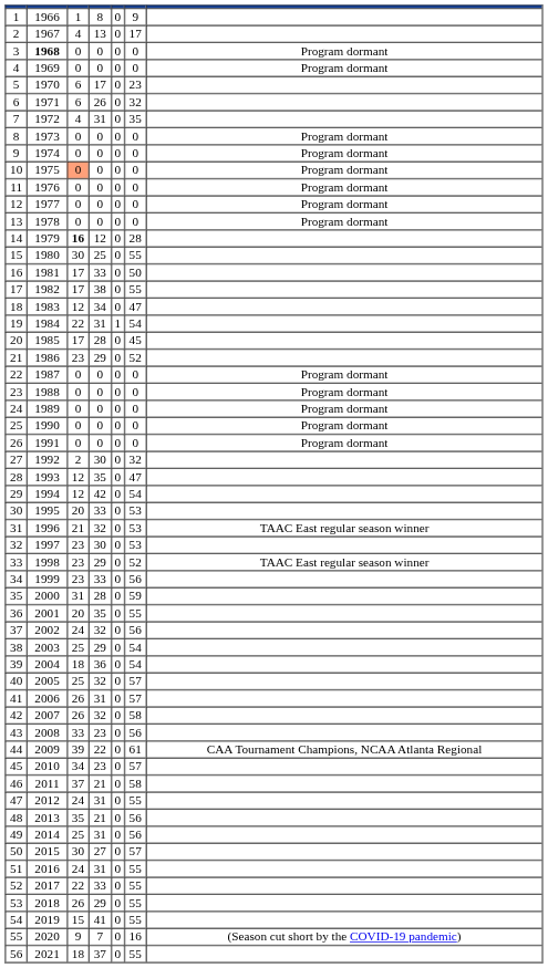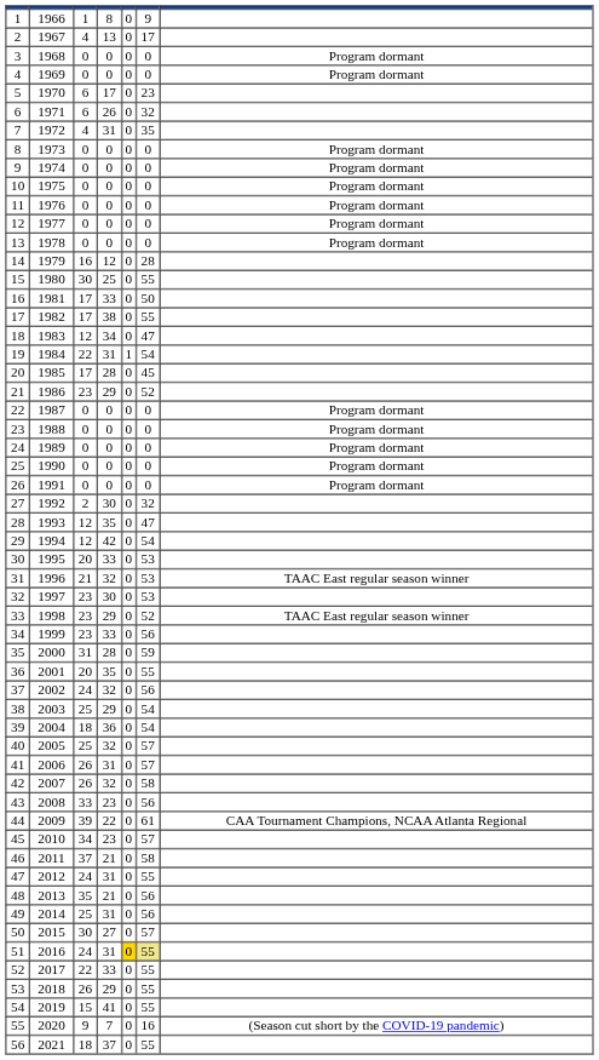 <table cellpadding="1" border="1" cellspacing="0" width="55%">
 <tr>
 <th bgcolor="#0039A6"></th>
 <th bgcolor="#0039A6"></th>
 <th bgcolor="#0039A6"></th>
 <th bgcolor="#0039A6"></th>
 <th bgcolor="#0039A6"></th>
 <th bgcolor="#0039A6"></th>
 <th bgcolor="#0039A6"></th>
 </tr>
 <tr align="center" valign="top">
 <td>1</td>
 <td>1966</td>
 <td>1</td>
 <td>8</td>
 <td>0</td>
 <td>9</td>
 <td></td>
 </tr>
 <tr align="center" valign="top">
 <td>2</td>
 <td>1967</td>
 <td>4</td>
 <td>13</td>
 <td>0</td>
 <td>17</td>
 <td></td>
 </tr>
 <tr align="center" valign="top">
 <td>3</td>
-<td><strong>1968</strong></td>
+<td>1968</td>
 <td>0</td>
 <td>0</td>
 <td>0</td>
 <td>0</td>
 <td>Program dormant</td>
 </tr>
 <tr align="center" valign="top">
 <td>4</td>
 <td>1969</td>
 <td>0</td>
 <td>0</td>
 <td>0</td>
 <td>0</td>
 <td>Program dormant</td>
 </tr>
 <tr align="center" valign="top">
 <td>5</td>
 <td>1970</td>
 <td>6</td>
 <td>17</td>
 <td>0</td>
 <td>23</td>
 <td></td>
 </tr>
 <tr align="center" valign="top">
 <td>6</td>
 <td>1971</td>
 <td>6</td>
 <td>26</td>
 <td>0</td>
 <td>32</td>
 <td></td>
 </tr>
 <tr align="center" valign="top">
 <td>7</td>
 <td>1972</td>
 <td>4</td>
 <td>31</td>
 <td>0</td>
 <td>35</td>
 <td></td>
 </tr>
 <tr align="center" valign="top">
 <td>8</td>
 <td>1973</td>
 <td>0</td>
 <td>0</td>
 <td>0</td>
 <td>0</td>
 <td>Program dormant</td>
 </tr>
 <tr align="center" valign="top">
 <td>9</td>
 <td>1974</td>
 <td>0</td>
 <td>0</td>
 <td>0</td>
 <td>0</td>
 <td>Program dormant</td>
 </tr>
 <tr align="center" valign="top">
 <td>10</td>
 <td>1975</td>
-<td style="background: lightsalmon;">0</td>
+<td>0</td>
 <td>0</td>
 <td>0</td>
 <td>0</td>
 <td>Program dormant</td>
 </tr>
 <tr align="center" valign="top">
 <td>11</td>
 <td>1976</td>
 <td>0</td>
 <td>0</td>
 <td>0</td>
 <td>0</td>
 <td>Program dormant</td>
 </tr>
 <tr align="center" valign="top">
 <td>12</td>
 <td>1977</td>
 <td>0</td>
 <td>0</td>
 <td>0</td>
 <td>0</td>
 <td>Program dormant</td>
 </tr>
 <tr align="center" valign="top">
 <td>13</td>
 <td>1978</td>
 <td>0</td>
 <td>0</td>
 <td>0</td>
 <td>0</td>
 <td>Program dormant</td>
 </tr>
 <tr align="center" valign="top">
 <td>14</td>
 <td>1979</td>
-<td><strong>16</strong></td>
+<td>16</td>
 <td>12</td>
 <td>0</td>
 <td>28</td>
 <td></td>
 </tr>
 <tr align="center" valign="top">
 <td>15</td>
 <td>1980</td>
 <td>30</td>
 <td>25</td>
 <td>0</td>
 <td>55</td>
 <td></td>
 </tr>
 <tr align="center" valign="top">
 <td>16</td>
 <td>1981</td>
 <td>17</td>
 <td>33</td>
 <td>0</td>
 <td>50</td>
 <td></td>
 </tr>
 <tr align="center" valign="top">
 <td>17</td>
 <td>1982</td>
 <td>17</td>
 <td>38</td>
 <td>0</td>
 <td>55</td>
 <td></td>
 </tr>
 <tr align="center" valign="top">
 <td>18</td>
 <td>1983</td>
 <td>12</td>
 <td>34</td>
 <td>0</td>
 <td>47</td>
 <td></td>
 </tr>
 <tr align="center" valign="top">
 <td>19</td>
 <td>1984</td>
 <td>22</td>
 <td>31</td>
 <td>1</td>
 <td>54</td>
 <td></td>
 </tr>
 <tr align="center" valign="top">
 <td>20</td>
 <td>1985</td>
 <td>17</td>
 <td>28</td>
 <td>0</td>
 <td>45</td>
 <td></td>
 </tr>
 <tr align="center" valign="top">
 <td>21</td>
 <td>1986</td>
 <td>23</td>
 <td>29</td>
 <td>0</td>
 <td>52</td>
 <td></td>
 </tr>
 <tr align="center" valign="top">
 <td>22</td>
 <td>1987</td>
 <td>0</td>
 <td>0</td>
 <td>0</td>
 <td>0</td>
 <td>Program dormant</td>
 </tr>
 <tr align="center" valign="top">
 <td>23</td>
 <td>1988</td>
 <td>0</td>
 <td>0</td>
 <td>0</td>
 <td>0</td>
 <td>Program dormant</td>
 </tr>
 <tr align="center" valign="top">
 <td>24</td>
 <td>1989</td>
 <td>0</td>
 <td>0</td>
 <td>0</td>
 <td>0</td>
 <td>Program dormant</td>
 </tr>
 <tr align="center" valign="top">
 <td>25</td>
 <td>1990</td>
 <td>0</td>
 <td>0</td>
 <td>0</td>
 <td>0</td>
 <td>Program dormant</td>
 </tr>
 <tr align="center" valign="top">
 <td>26</td>
 <td>1991</td>
 <td>0</td>
 <td>0</td>
 <td>0</td>
 <td>0</td>
 <td>Program dormant</td>
 </tr>
 <tr align="center" valign="top">
 <td>27</td>
 <td>1992</td>
 <td>2</td>
 <td>30</td>
 <td>0</td>
 <td>32</td>
 <td></td>
 </tr>
 <tr align="center" valign="top">
 <td>28</td>
 <td>1993</td>
 <td>12</td>
 <td>35</td>
 <td>0</td>
 <td>47</td>
 <td></td>
 </tr>
 <tr align="center" valign="top">
 <td>29</td>
 <td>1994</td>
 <td>12</td>
 <td>42</td>
 <td>0</td>
 <td>54</td>
 <td></td>
 </tr>
 <tr align="center" valign="top">
 <td>30</td>
 <td>1995</td>
 <td>20</td>
 <td>33</td>
 <td>0</td>
 <td>53</td>
 <td></td>
 </tr>
 <tr align="center" valign="top">
 <td>31</td>
 <td>1996</td>
 <td>21</td>
 <td>32</td>
 <td>0</td>
 <td>53</td>
 <td>TAAC East regular season winner</td>
 </tr>
 <tr align="center" valign="top">
 <td>32</td>
 <td>1997</td>
 <td>23</td>
 <td>30</td>
 <td>0</td>
 <td>53</td>
 <td></td>
 </tr>
 <tr align="center" valign="top">
 <td>33</td>
 <td>1998</td>
 <td>23</td>
 <td>29</td>
 <td>0</td>
 <td>52</td>
 <td>TAAC East regular season winner</td>
 </tr>
 <tr align="center" valign="top">
 <td>34</td>
 <td>1999</td>
 <td>23</td>
 <td>33</td>
 <td>0</td>
 <td>56</td>
 <td></td>
 </tr>
 <tr align="center" valign="top">
 <td>35</td>
 <td>2000</td>
 <td>31</td>
 <td>28</td>
 <td>0</td>
 <td>59</td>
 <td></td>
 </tr>
 <tr align="center" valign="top">
 <td>36</td>
 <td>2001</td>
 <td>20</td>
 <td>35</td>
 <td>0</td>
 <td>55</td>
 <td></td>
 </tr>
 <tr align="center" valign="top">
 <td>37</td>
 <td>2002</td>
 <td>24</td>
 <td>32</td>
 <td>0</td>
 <td>56</td>
 <td></td>
 </tr>
 <tr align="center" valign="top">
 <td>38</td>
 <td>2003</td>
 <td>25</td>
 <td>29</td>
 <td>0</td>
 <td>54</td>
 <td></td>
 </tr>
 <tr align="center" valign="top">
 <td>39</td>
 <td>2004</td>
 <td>18</td>
 <td>36</td>
 <td>0</td>
 <td>54</td>
 <td></td>
 </tr>
 <tr align="center" valign="top">
 <td>40</td>
 <td>2005</td>
 <td>25</td>
 <td>32</td>
 <td>0</td>
 <td>57</td>
 <td></td>
 </tr>
 <tr align="center" valign="top">
 <td>41</td>
 <td>2006</td>
 <td>26</td>
 <td>31</td>
 <td>0</td>
 <td>57</td>
 <td></td>
 </tr>
 <tr align="center" valign="top">
 <td>42</td>
 <td>2007</td>
 <td>26</td>
 <td>32</td>
 <td>0</td>
 <td>58</td>
 <td></td>
 </tr>
 <tr align="center" valign="top">
 <td>43</td>
 <td>2008</td>
 <td>33</td>
 <td>23</td>
 <td>0</td>
 <td>56</td>
 <td></td>
 </tr>
 <tr align="center" valign="top">
 <td>44</td>
 <td>2009</td>
 <td>39</td>
 <td>22</td>
 <td>0</td>
 <td>61</td>
 <td>CAA Tournament Champions, NCAA Atlanta Regional</td>
 </tr>
 <tr align="center" valign="top">
 <td>45</td>
 <td>2010</td>
 <td>34</td>
 <td>23</td>
 <td>0</td>
 <td>57</td>
 <td></td>
 </tr>
 <tr align="center" valign="top">
 <td>46</td>
 <td>2011</td>
 <td>37</td>
 <td>21</td>
 <td>0</td>
 <td>58</td>
 <td></td>
 </tr>
 <tr align="center" valign="top">
 <td>47</td>
 <td>2012</td>
 <td>24</td>
 <td>31</td>
 <td>0</td>
 <td>55</td>
 <td></td>
 </tr>
 <tr align="center" valign="top">
 <td>48</td>
 <td>2013</td>
 <td>35</td>
 <td>21</td>
 <td>0</td>
 <td>56</td>
 <td></td>
 </tr>
 <tr align="center" valign="top">
 <td>49</td>
 <td>2014</td>
 <td>25</td>
 <td>31</td>
 <td>0</td>
 <td>56</td>
 <td></td>
 </tr>
 <tr align="center" valign="top">
 <td>50</td>
 <td>2015</td>
 <td>30</td>
 <td>27</td>
 <td>0</td>
 <td>57</td>
 <td></td>
 </tr>
 <tr align="center" valign="top">
 <td>51</td>
 <td>2016</td>
 <td>24</td>
 <td>31</td>
-<td>0</td>
-<td>55</td>
+<td style="background: gold;">0</td>
+<td style="background: khaki;">55</td>
 <td></td>
 </tr>
 <tr align="center" valign="top">
 <td>52</td>
 <td>2017</td>
 <td>22</td>
 <td>33</td>
 <td>0</td>
 <td>55</td>
 <td></td>
 </tr>
 <tr align="center" valign="top">
 <td>53</td>
 <td>2018</td>
 <td>26</td>
 <td>29</td>
 <td>0</td>
 <td>55</td>
 <td></td>
 </tr>
 <tr align="center" valign="top">
 <td>54</td>
 <td>2019</td>
 <td>15</td>
 <td>41</td>
 <td>0</td>
 <td>55</td>
 <td></td>
 </tr>
 <tr align="center" valign="top">
 <td>55</td>
 <td>2020</td>
 <td>9</td>
 <td>7</td>
 <td>0</td>
 <td>16</td>
 <td>(Season cut short by the <a href='#'>COVID-19 pandemic</a>)</td>
 </tr>
 <tr align="center" valign="top">
 <td>56</td>
 <td>2021</td>
 <td>18</td>
 <td>37</td>
 <td>0</td>
 <td>55</td>
 <td></td>
 </tr>
 </table>
